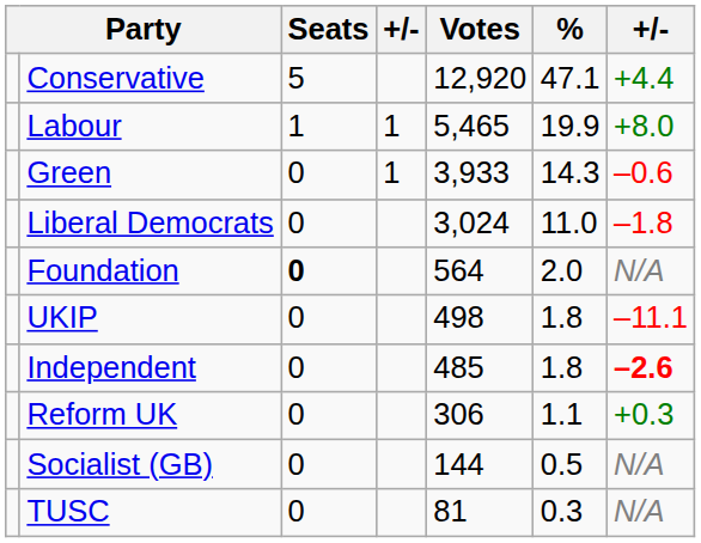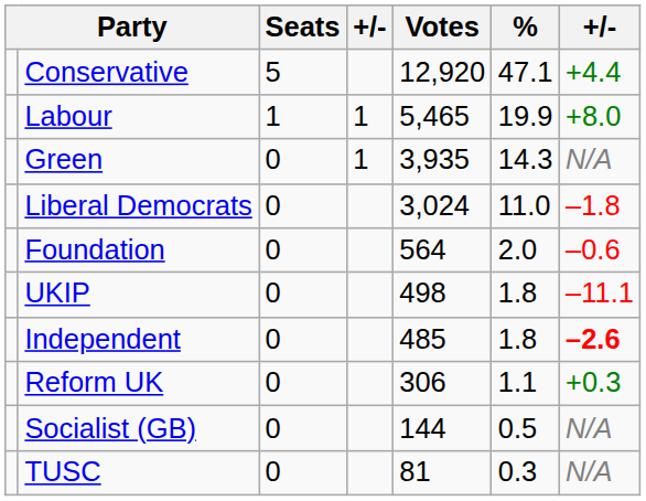 <table class="wikitable">
 <tr>
 <th colspan="2">Party</th>
 <th>Seats</th>
 <th>+/-</th>
 <th>Votes</th>
 <th>%</th>
 <th>+/-</th>
 </tr>
 <tr>
 <td style="background-color: "></td>
 <td><a href='#'>Conservative</a></td>
 <td>5</td>
 <td></td>
 <td>12,920</td>
 <td>47.1</td>
 <td style="color:green">+4.4</td>
 </tr>
 <tr>
 <td style="background-color: "></td>
 <td><a href='#'>Labour</a></td>
 <td>1</td>
 <td> 1</td>
 <td>5,465</td>
 <td>19.9</td>
 <td style="color:green">+8.0</td>
 </tr>
 <tr>
 <td style="background-color: "></td>
 <td><a href='#'>Green</a></td>
 <td>0</td>
 <td> 1</td>
-<td>3,933</td>
+<td>3,935</td>
 <td>14.3</td>
-<td style="color:red">–0.6</td>
+<td span style="color:grey"><em>N/A</em></td>
 </tr>
 <tr>
 <td style="background-color: "></td>
 <td><a href='#'>Liberal Democrats</a></td>
 <td>0</td>
 <td></td>
 <td>3,024</td>
 <td>11.0</td>
 <td style="color:red">–1.8</td>
 </tr>
 <tr>
 <td style="background-color: "></td>
 <td><a href='#'>Foundation</a></td>
-<td><strong>0</strong></td>
+<td>0</td>
 <td></td>
 <td>564</td>
 <td>2.0</td>
-<td span style="color:grey"><em>N/A</em></td>
+<td style="color:red">–0.6</td>
 </tr>
 <tr>
 <td style="background-color: "></td>
 <td><a href='#'>UKIP</a></td>
 <td>0</td>
 <td></td>
 <td>498</td>
 <td>1.8</td>
 <td span style="color:red">–11.1</td>
 </tr>
 <tr>
 <td style="background-color: "></td>
 <td><a href='#'>Independent</a></td>
 <td>0</td>
 <td></td>
 <td>485</td>
 <td>1.8</td>
 <td span style="color:red"><strong>–2.6</strong></td>
 </tr>
 <tr>
 <td style="background-color: "></td>
 <td><a href='#'>Reform UK</a></td>
 <td>0</td>
 <td></td>
 <td>306</td>
 <td>1.1</td>
 <td span style="color:green">+0.3</td>
 </tr>
 <tr>
 <td style="background-color: "></td>
 <td><a href='#'>Socialist (GB)</a></td>
 <td>0</td>
 <td></td>
 <td>144</td>
 <td>0.5</td>
 <td span style="color:grey"><em>N/A</em></td>
 </tr>
 <tr>
 <td style="background-color: "></td>
 <td><a href='#'>TUSC</a></td>
 <td>0</td>
 <td></td>
 <td>81</td>
 <td>0.3</td>
 <td span style="color:grey"><em>N/A</em></td>
 </tr>
 </table>
